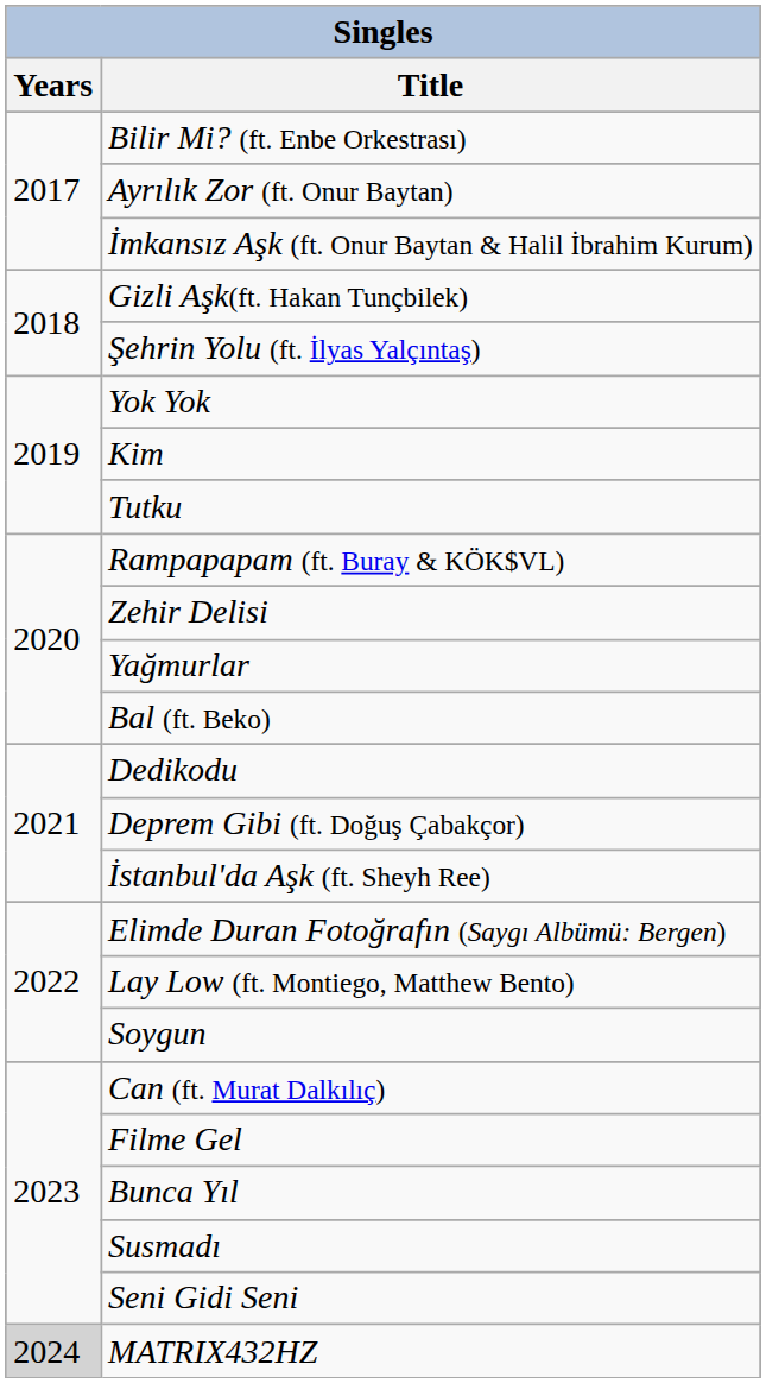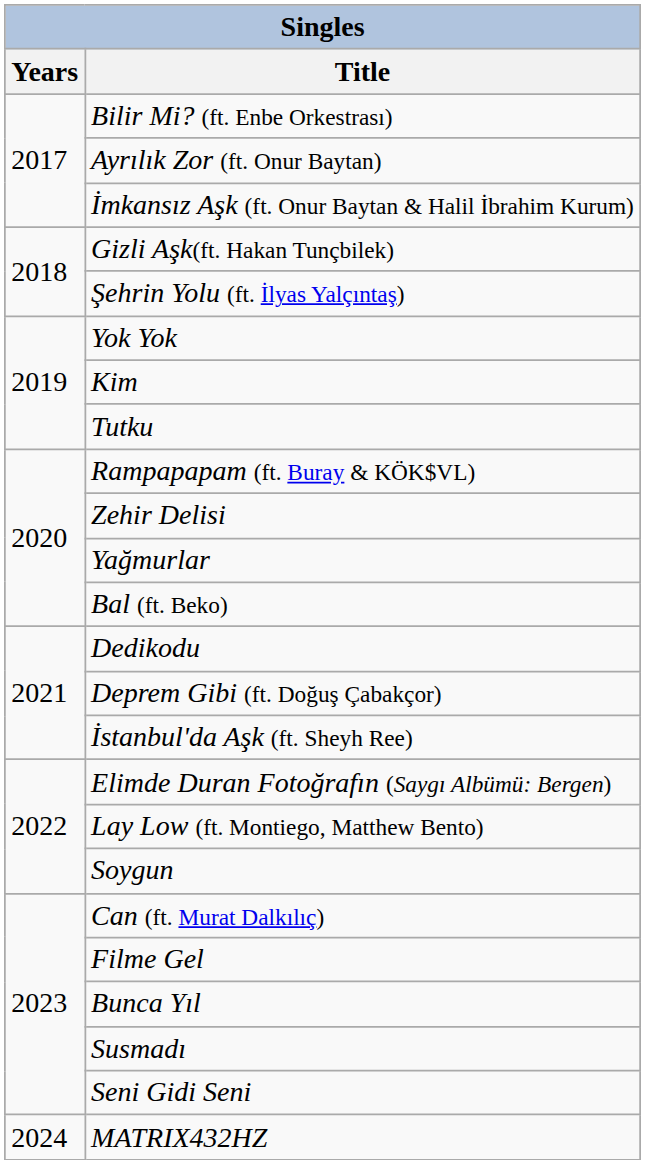 <table class="wikitable" style="font-size:100%">
 <tr>
 <th colspan="2" style="background:LightSteelBlue">Singles</th>
 </tr>
 <tr>
 <th>Years</th>
 <th>Title</th>
 </tr>
 <tr>
 <td rowspan="3">2017</td>
 <td><em>Bilir Mi?</em> <small>(ft. Enbe Orkestrası)</small></td>
 </tr>
 <tr>
 <td><em>Ayrılık Zor</em> <small>(ft. Onur Baytan)</small></td>
 </tr>
 <tr>
 <td><em>İmkansız Aşk</em> <small>(ft. Onur Baytan & Halil İbrahim Kurum)</small></td>
 </tr>
 <tr>
 <td rowspan="2">2018</td>
 <td><em>Gizli Aşk</em><small>(ft. Hakan Tunçbilek)</small></td>
 </tr>
 <tr>
 <td><em>Şehrin Yolu</em> <small>(ft. <a href='#'>İlyas Yalçıntaş</a>)</small></td>
 </tr>
 <tr>
 <td rowspan="3">2019</td>
 <td><em>Yok Yok</em></td>
 </tr>
 <tr>
 <td><em>Kim</em></td>
 </tr>
 <tr>
 <td><em>Tutku</em></td>
 </tr>
 <tr>
 <td rowspan="4">2020</td>
 <td><em>Rampapapam</em> <small>(ft. <a href='#'>Buray</a> & KÖK$VL)</small></td>
 </tr>
 <tr>
 <td><em>Zehir Delisi</em></td>
 </tr>
 <tr>
 <td><em>Yağmurlar</em></td>
 </tr>
 <tr>
 <td><em>Bal</em> <small>(ft. Beko)</small></td>
 </tr>
 <tr>
 <td rowspan="3">2021</td>
 <td><em>Dedikodu</em></td>
 </tr>
 <tr>
 <td><em>Deprem Gibi</em>  <small>(ft. Doğuş Çabakçor)</small></td>
 </tr>
 <tr>
 <td><em>İstanbul'da Aşk</em> <small>(ft. Sheyh Ree)</small></td>
 </tr>
 <tr>
 <td rowspan="3">2022</td>
 <td><em>Elimde Duran Fotoğrafın</em> <small>(<em>Saygı Albümü: Bergen</em>)</small></td>
 </tr>
 <tr>
 <td><em>Lay Low</em> <small>(ft. Montiego, Matthew Bento)</small></td>
 </tr>
 <tr>
 <td><em>Soygun</em></td>
 </tr>
 <tr>
 <td rowspan="5">2023</td>
 <td><em>Can</em> <small>(ft. <a href='#'>Murat Dalkılıç</a>)</small></td>
 </tr>
 <tr>
 <td><em>Filme Gel</em></td>
 </tr>
 <tr>
 <td><em>Bunca Yıl</em></td>
 </tr>
 <tr>
 <td><em>Susmadı</em></td>
 </tr>
 <tr>
 <td><em>Seni Gidi Seni</em></td>
 </tr>
 <tr>
-<td rowspan="1" style="background: lightgrey;">2024</td>
+<td rowspan="1">2024</td>
 <td><em>MATRIX432HZ</em></td>
 </tr>
 </table>
